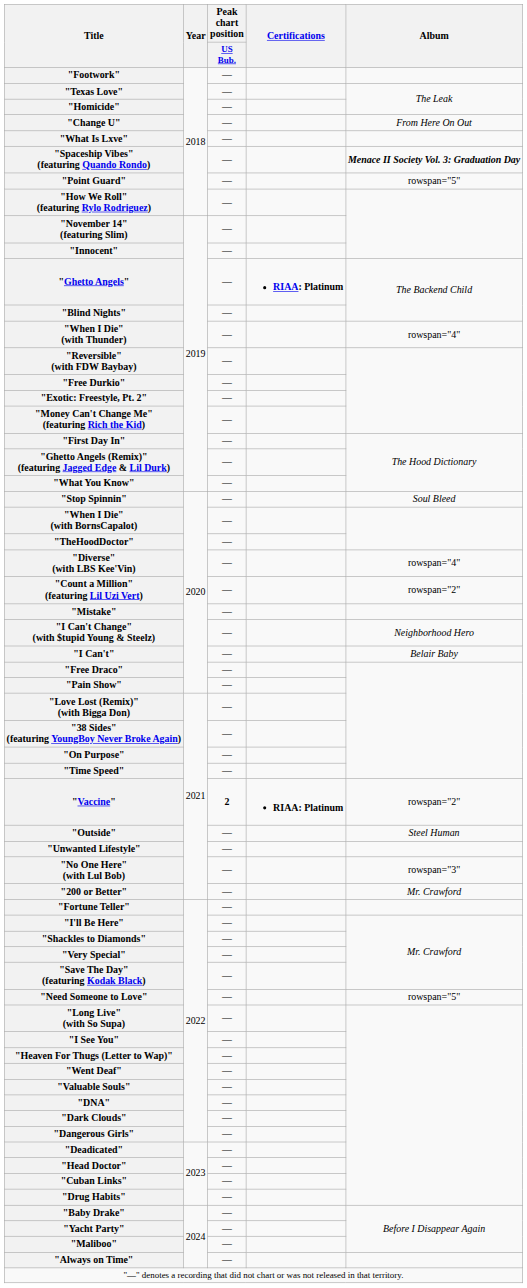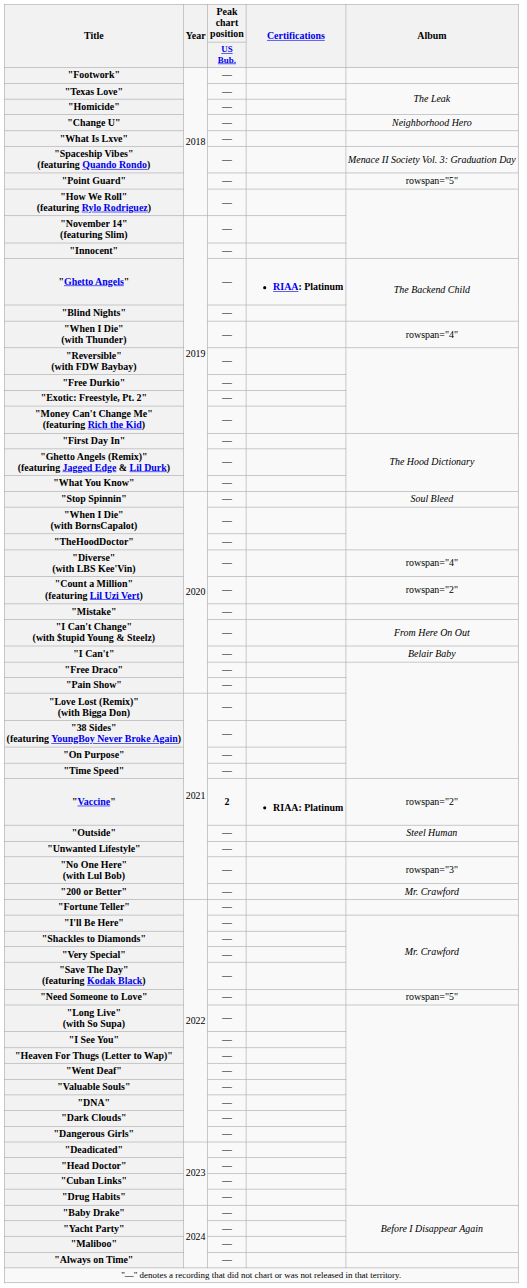 <table class="wikitable plainrowheaders" style="text-align:center;">
 <tr>
 <th rowspan="2">Title</th>
 <th rowspan="2">Year</th>
 <th>Peak chart position</th>
 <th rowspan="2"><a href='#'>Certifications</a></th>
 <th rowspan="2">Album</th>
 </tr>
 <tr>
 <th scope="col" style="width:3em;font-size:90%;"><a href='#'>US<br>Bub.</a><br></th>
 </tr>
 <tr>
 <th scope="row">"Footwork"</th>
 <td rowspan="8">2018</td>
 <td>—</td>
 <td></td>
 <td></td>
 </tr>
 <tr>
 <th scope="row">"Texas Love"</th>
 <td>—</td>
 <td></td>
 <td rowspan="2"><em>The Leak</em></td>
 </tr>
 <tr>
 <th scope="row">"Homicide"<br></th>
 <td>—</td>
 <td></td>
 </tr>
 <tr>
 <th scope="row">"Change U"</th>
 <td>—</td>
 <td></td>
-<td><em>From Here On Out</em></td>
+<td><em>Neighborhood Hero</em></td>
 </tr>
 <tr>
 <th scope="row">"What Is Lxve"</th>
 <td>—</td>
 <td></td>
 <td></td>
 </tr>
 <tr>
 <th scope="row">"Spaceship Vibes"<br><span>(featuring <a href='#'>Quando Rondo</a>)</span></th>
 <td>—</td>
 <td></td>
-<td><strong><em>Menace II Society Vol. 3: Graduation Day</em></strong></td>
+<td><em>Menace II Society Vol. 3: Graduation Day</em></td>
 </tr>
 <tr>
 <th scope="row">"Point Guard"</th>
 <td>—</td>
 <td></td>
 <td>rowspan="5" </td>
 </tr>
 <tr>
 <th scope="row">"How We Roll"<br><span>(featuring <a href='#'>Rylo Rodriguez</a>)</span></th>
 <td>—</td>
 <td></td>
 </tr>
 <tr>
 <th scope="row">"November 14"<br><span>(featuring Slim)</span></th>
 <td rowspan="12">2019</td>
 <td>—</td>
 <td></td>
 </tr>
 <tr>
 <th scope="row">"Innocent"</th>
 <td>—</td>
 <td></td>
 </tr>
 <tr>
 <th scope="row">"<a href='#'>Ghetto Angels</a>"</th>
 <td>—</td>
 <td><strong><br><ul><li><a href='#'>RIAA</a>: Platinum</li></ul></strong></td>
 <td rowspan="2"><em>The Backend Child</em></td>
 </tr>
 <tr>
 <th scope="row">"Blind Nights"</th>
 <td>—</td>
 <td></td>
 </tr>
 <tr>
 <th scope="row">"When I Die"<br><span>(with Thunder)</span></th>
 <td>—</td>
 <td></td>
 <td>rowspan="4" </td>
 </tr>
 <tr>
 <th scope="row">"Reversible"<br><span>(with FDW Baybay)</span></th>
 <td>—</td>
 <td></td>
 </tr>
 <tr>
 <th scope="row">"Free Durkio"</th>
 <td>—</td>
 <td></td>
 </tr>
 <tr>
 <th scope="row">"Exotic: Freestyle, Pt. 2"</th>
 <td>—</td>
 <td></td>
 </tr>
 <tr>
 <th scope="row">"Money Can't Change Me"<br><span>(featuring <a href='#'>Rich the Kid</a>)</span></th>
 <td>—</td>
 <td></td>
 </tr>
 <tr>
 <th scope="row">"First Day In"</th>
 <td>—</td>
 <td></td>
 <td rowspan="3"><em>The Hood Dictionary</em></td>
 </tr>
 <tr>
 <th scope="row">"Ghetto Angels (Remix)"<br><span>(featuring <a href='#'>Jagged Edge</a> & <a href='#'>Lil Durk</a>)</span></th>
 <td>—</td>
 <td></td>
 </tr>
 <tr>
 <th scope="row">"What You Know"</th>
 <td>—</td>
 <td></td>
 </tr>
 <tr>
 <th scope="row">"Stop Spinnin"</th>
 <td rowspan="10">2020</td>
 <td>—</td>
 <td></td>
 <td><em>Soul Bleed</em></td>
 </tr>
 <tr>
 <th scope="row">"When I Die"<br><span>(with BornsCapalot)</span></th>
 <td>—</td>
 <td></td>
 </tr>
 <tr>
 <th scope="row">"TheHoodDoctor"</th>
 <td>—</td>
 <td></td>
 </tr>
 <tr>
 <th scope="row">"Diverse"<br><span>(with LBS Kee'Vin)</span></th>
 <td>—</td>
 <td></td>
 <td>rowspan="4" </td>
 </tr>
 <tr>
 <th scope="row">"Count a Million"<br><span>(featuring <a href='#'>Lil Uzi Vert</a>)</span></th>
 <td>—</td>
 <td></td>
 <td>rowspan="2" </td>
 </tr>
 <tr>
 <th scope="row">"Mistake"</th>
 <td>—</td>
 <td></td>
 <td></td>
 </tr>
 <tr>
 <th scope="row">"I Can't Change"<br><span>(with $tupid Young & Steelz)</span></th>
 <td>—</td>
 <td></td>
-<td><em>Neighborhood Hero</em></td>
+<td><em>From Here On Out</em></td>
 </tr>
 <tr>
 <th scope="row">"I Can't"</th>
 <td>—</td>
 <td></td>
 <td><em>Belair Baby</em></td>
 </tr>
 <tr>
 <th scope="row">"Free Draco"</th>
 <td>—</td>
 <td></td>
 </tr>
 <tr>
 <th scope="row">"Pain Show"</th>
 <td>—</td>
 <td></td>
 </tr>
 <tr>
 <th scope="row">"Love Lost (Remix)"<br><span>(with Bigga Don)</span></th>
 <td rowspan="9">2021</td>
 <td>—</td>
 <td></td>
 </tr>
 <tr>
 <th scope="row">"38 Sides"<br><span>(featuring <a href='#'>YoungBoy Never Broke Again</a>)</span></th>
 <td>—</td>
 <td></td>
 </tr>
 <tr>
 <th scope="row">"On Purpose"</th>
 <td>—</td>
 <td></td>
 </tr>
 <tr>
 <th scope="row">"Time Speed"</th>
 <td>—</td>
 <td></td>
 </tr>
 <tr>
 <th scope="row">"<a href='#'>Vaccine</a>"</th>
 <td><strong>2</strong></td>
 <td><strong><br><ul><li>RIAA: Platinum</li></ul></strong></td>
 <td>rowspan="2" </td>
 </tr>
 <tr>
 <th scope="row">"Outside"</th>
 <td>—</td>
 <td></td>
 <td><em>Steel Human</em></td>
 </tr>
 <tr>
 <th scope="row">"Unwanted Lifestyle"</th>
 <td>—</td>
 <td></td>
 </tr>
 <tr>
 <th scope="row">"No One Here"<br><span>(with Lul Bob)</span></th>
 <td>—</td>
 <td></td>
 <td>rowspan="3" </td>
 </tr>
 <tr>
 <th scope="row">"200 or Better"</th>
 <td>—</td>
 <td></td>
 <td><em>Mr. Crawford</em></td>
 </tr>
 <tr>
 <th scope="row">"Fortune Teller"</th>
 <td rowspan="14">2022</td>
 <td>—</td>
 <td></td>
 </tr>
 <tr>
 <th scope="row">"I'll Be Here"</th>
 <td>—</td>
 <td></td>
 <td rowspan="4"><em>Mr. Crawford</em></td>
 </tr>
 <tr>
 <th scope="row">"Shackles to Diamonds"</th>
 <td>—</td>
 <td></td>
 </tr>
 <tr>
 <th scope="row">"Very Special"</th>
 <td>—</td>
 <td></td>
 </tr>
 <tr>
 <th scope="row">"Save The Day"<br><span>(featuring <a href='#'>Kodak Black</a>)</span></th>
 <td>—</td>
 <td></td>
 </tr>
 <tr>
 <th scope="row">"Need Someone to Love"</th>
 <td>—</td>
 <td></td>
 <td>rowspan="5" </td>
 </tr>
 <tr>
 <th scope="row">"Long Live"<br><span>(with So Supa)</span></th>
 <td>—</td>
 <td></td>
 </tr>
 <tr>
 <th scope="row">"I See You"</th>
 <td>—</td>
 <td></td>
 </tr>
 <tr>
 <th scope="row">"Heaven For Thugs (Letter to Wap)"</th>
 <td>—</td>
 <td></td>
 </tr>
 <tr>
 <th scope="row">"Went Deaf"</th>
 <td>—</td>
 <td></td>
 </tr>
 <tr>
 <th scope="row">"Valuable Souls"</th>
 <td>—</td>
 <td></td>
 </tr>
 <tr>
 <th scope="row">"DNA"</th>
 <td>—</td>
 <td></td>
 </tr>
 <tr>
 <th scope="row">"Dark Clouds"<br></th>
 <td>—</td>
 <td></td>
 </tr>
 <tr>
 <th scope="row">"Dangerous Girls"</th>
 <td>—</td>
 <td></td>
 </tr>
 <tr>
 <th scope="row">"Deadicated"</th>
 <td rowspan="4">2023</td>
 <td>—</td>
 <td></td>
 </tr>
 <tr>
 <th scope="row">"Head Doctor"<br></th>
 <td>—</td>
 <td></td>
 </tr>
 <tr>
 <th scope="row">"Cuban Links"</th>
 <td>—</td>
 <td></td>
 </tr>
 <tr>
 <th scope="row">"Drug Habits"</th>
 <td>—</td>
 <td></td>
 </tr>
 <tr>
 <th scope="row">"Baby Drake"</th>
 <td rowspan="4">2024</td>
 <td>—</td>
 <td></td>
 <td rowspan="3"><em>Before I Disappear Again</em></td>
 </tr>
 <tr>
 <th scope="row">"Yacht Party"</th>
 <td>—</td>
 <td></td>
 </tr>
 <tr>
 <th scope="row">"Maliboo"</th>
 <td>—</td>
 <td></td>
 </tr>
 <tr>
 <th scope="row">"Always on Time"<br></th>
 <td>—</td>
 <td></td>
 <td></td>
 </tr>
 <tr>
 <td colspan="6" style="font-size:90%">"—" denotes a recording that did not chart or was not released in that territory.</td>
 </tr>
 </table>
